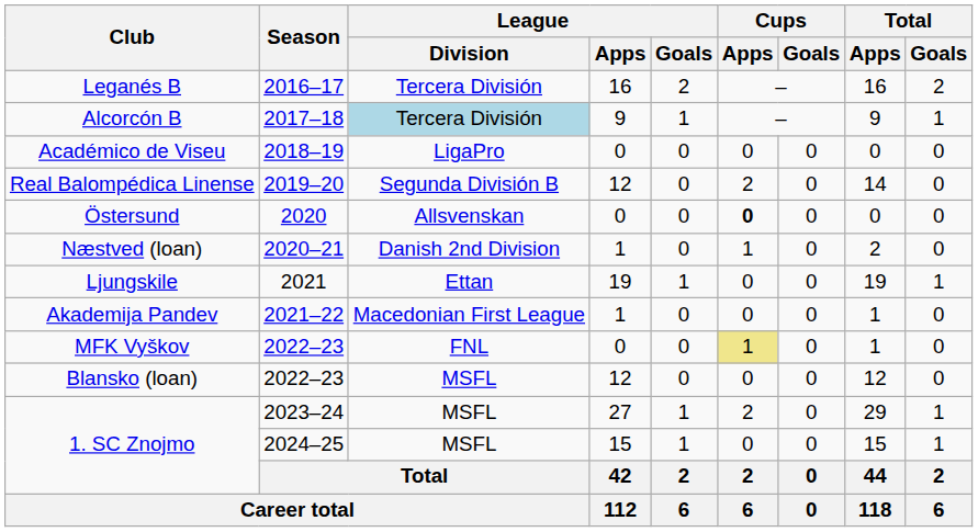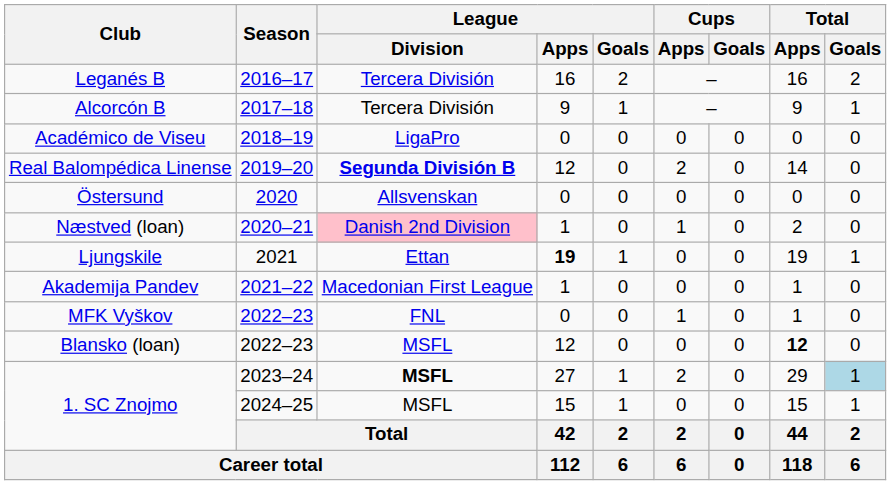 <table class="wikitable" style="text-align:center">
 <tr>
 <th rowspan="2">Club</th>
 <th rowspan="2">Season</th>
 <th colspan="3">League</th>
 <th colspan="2">Cups</th>
 <th colspan="2">Total</th>
 </tr>
 <tr>
 <th>Division</th>
 <th>Apps</th>
 <th>Goals</th>
 <th>Apps</th>
 <th>Goals</th>
 <th>Apps</th>
 <th>Goals</th>
 </tr>
 <tr>
 <td><a href='#'>Leganés B</a></td>
 <td><a href='#'>2016–17</a></td>
 <td><a href='#'>Tercera División</a></td>
 <td>16</td>
 <td>2</td>
 <td colspan="2">–</td>
 <td>16</td>
 <td>2</td>
 </tr>
 <tr>
 <td><a href='#'>Alcorcón B</a></td>
 <td><a href='#'>2017–18</a></td>
-<td style="background: lightblue;">Tercera División</td>
+<td>Tercera División</td>
 <td>9</td>
 <td>1</td>
 <td colspan="2">–</td>
 <td>9</td>
 <td>1</td>
 </tr>
 <tr>
 <td><a href='#'>Académico de Viseu</a></td>
 <td><a href='#'>2018–19</a></td>
 <td><a href='#'>LigaPro</a></td>
 <td>0</td>
 <td>0</td>
 <td>0</td>
 <td>0</td>
 <td>0</td>
 <td>0</td>
 </tr>
 <tr>
 <td><a href='#'>Real Balompédica Linense</a></td>
 <td><a href='#'>2019–20</a></td>
-<td><a href='#'>Segunda División B</a></td>
+<td><strong><a href='#'>Segunda División B</a></strong></td>
 <td>12</td>
 <td>0</td>
 <td>2</td>
 <td>0</td>
 <td>14</td>
 <td>0</td>
 </tr>
 <tr>
 <td><a href='#'>Östersund</a></td>
 <td><a href='#'>2020</a></td>
 <td><a href='#'>Allsvenskan</a></td>
 <td>0</td>
 <td>0</td>
-<td><strong>0</strong></td>
+<td>0</td>
 <td>0</td>
 <td>0</td>
 <td>0</td>
 </tr>
 <tr>
 <td><a href='#'>Næstved</a> (loan)</td>
 <td><a href='#'>2020–21</a></td>
-<td><a href='#'>Danish 2nd Division</a></td>
+<td style="background: pink;"><a href='#'>Danish 2nd Division</a></td>
 <td>1</td>
 <td>0</td>
 <td>1</td>
 <td>0</td>
 <td>2</td>
 <td>0</td>
 </tr>
 <tr>
 <td><a href='#'>Ljungskile</a></td>
 <td>2021</td>
 <td><a href='#'>Ettan</a></td>
-<td>19</td>
+<td><strong>19</strong></td>
 <td>1</td>
 <td>0</td>
 <td>0</td>
 <td>19</td>
 <td>1</td>
 </tr>
 <tr>
 <td><a href='#'>Akademija Pandev</a></td>
 <td><a href='#'>2021–22</a></td>
 <td><a href='#'>Macedonian First League</a></td>
 <td>1</td>
 <td>0</td>
 <td>0</td>
 <td>0</td>
 <td>1</td>
 <td>0</td>
 </tr>
 <tr>
 <td><a href='#'>MFK Vyškov</a></td>
 <td><a href='#'>2022–23</a></td>
 <td><a href='#'>FNL</a></td>
 <td>0</td>
 <td>0</td>
-<td style="background: khaki;">1</td>
+<td>1</td>
 <td>0</td>
 <td>1</td>
 <td>0</td>
 </tr>
 <tr>
 <td><a href='#'>Blansko</a> (loan)</td>
 <td>2022–23</td>
 <td><a href='#'>MSFL</a></td>
 <td>12</td>
 <td>0</td>
 <td>0</td>
 <td>0</td>
-<td>12</td>
+<td><strong>12</strong></td>
 <td>0</td>
 </tr>
 <tr>
 <td rowspan=3><a href='#'>1. SC Znojmo</a></td>
 <td>2023–24</td>
-<td>MSFL</td>
+<td><strong>MSFL</strong></td>
 <td>27</td>
 <td>1</td>
 <td>2</td>
 <td>0</td>
 <td>29</td>
-<td>1</td>
+<td style="background: lightblue;">1</td>
 </tr>
 <tr>
 <td>2024–25</td>
 <td>MSFL</td>
 <td>15</td>
 <td>1</td>
 <td>0</td>
 <td>0</td>
 <td>15</td>
 <td>1</td>
 </tr>
 <tr>
 <th colspan="2">Total</th>
 <th>42</th>
 <th>2</th>
 <th>2</th>
 <th>0</th>
 <th>44</th>
 <th>2</th>
 </tr>
 <tr>
 <th colspan="3">Career total</th>
 <th>112</th>
 <th>6</th>
 <th>6</th>
 <th>0</th>
 <th>118</th>
 <th>6</th>
 </tr>
 </table>
